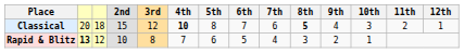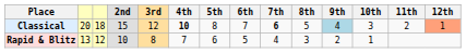 <table class="wikitable" style="font-size: 100%; text-align:center">
 <tr>
 <th>Place</th>
 <th style="background-color:#ffffbf">  </th>
 <th style="background-color:#ffffbf">  </th>
 <th style="background-color:#dfdfdf"> 2nd </th>
 <th style="background-color:#ffdf9f"> 3rd </th>
 <th> 4th </th>
 <th> 5th </th>
 <th> 6th </th>
 <th> 7th </th>
 <th> 8th </th>
 <th> 9th </th>
 <th> 10th </th>
 <th> 11th </th>
 <th> 12th </th>
 </tr>
 <tr>
 <th style="background-color:#ddeeff">Classical</th>
 <td style="background-color:#ffffbf">20</td>
 <td style="background-color:#ffffbf">18</td>
 <td style="background-color:#dfdfdf">15</td>
 <td style="background-color:#ffdf9f">12</td>
 <td><strong>10</strong></td>
 <td>8</td>
 <td>7</td>
-<td>6</td>
-<td><strong>5</strong></td>
-<td>4</td>
+<td><strong>6</strong></td>
+<td>5</td>
+<td style="background: lightblue;">4</td>
 <td>3</td>
 <td>2</td>
-<td>1</td>
+<td style="background: lightsalmon;">1</td>
 </tr>
 <tr>
 <th style="background-color:#ffdddd">Rapid & Blitz</th>
-<td style="background-color:#ffffbf"><strong>13</strong></td>
+<td style="background-color:#ffffbf">13</td>
 <td style="background-color:#ffffbf">12</td>
 <td style="background-color:#dfdfdf">10</td>
 <td style="background-color:#ffdf9f">8</td>
 <td>7</td>
 <td>6</td>
 <td>5</td>
 <td>4</td>
 <td>3</td>
 <td>2</td>
 <td>1</td>
 </tr>
 </table>
